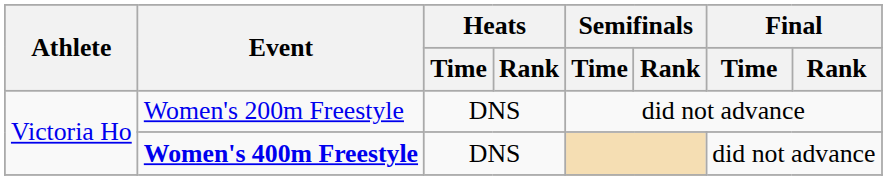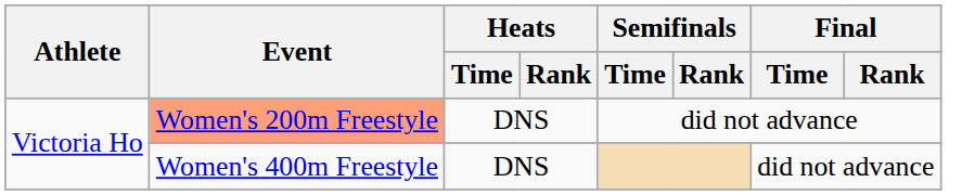 <table class=wikitable style="font-size:90%">
 <tr>
 <th rowspan="2">Athlete</th>
 <th rowspan="2">Event</th>
 <th colspan="2">Heats</th>
 <th colspan="2">Semifinals</th>
 <th colspan="2">Final</th>
 </tr>
 <tr>
 <th>Time</th>
 <th>Rank</th>
 <th>Time</th>
 <th>Rank</th>
 <th>Time</th>
 <th>Rank</th>
 </tr>
 <tr>
 <td rowspan="2"><a href='#'>Victoria Ho</a></td>
-<td><a href='#'>Women's 200m Freestyle</a></td>
+<td style="background: lightsalmon;"><a href='#'>Women's 200m Freestyle</a></td>
 <td align=center colspan=2>DNS</td>
 <td align=center colspan=4>did not advance</td>
 </tr>
 <tr>
-<td><strong><a href='#'>Women's 400m Freestyle</a></strong></td>
+<td><a href='#'>Women's 400m Freestyle</a></td>
 <td align=center colspan=2>DNS</td>
 <td colspan= 2 bgcolor="wheat"></td>
 <td align=center colspan=2>did not advance</td>
 </tr>
 </table>
